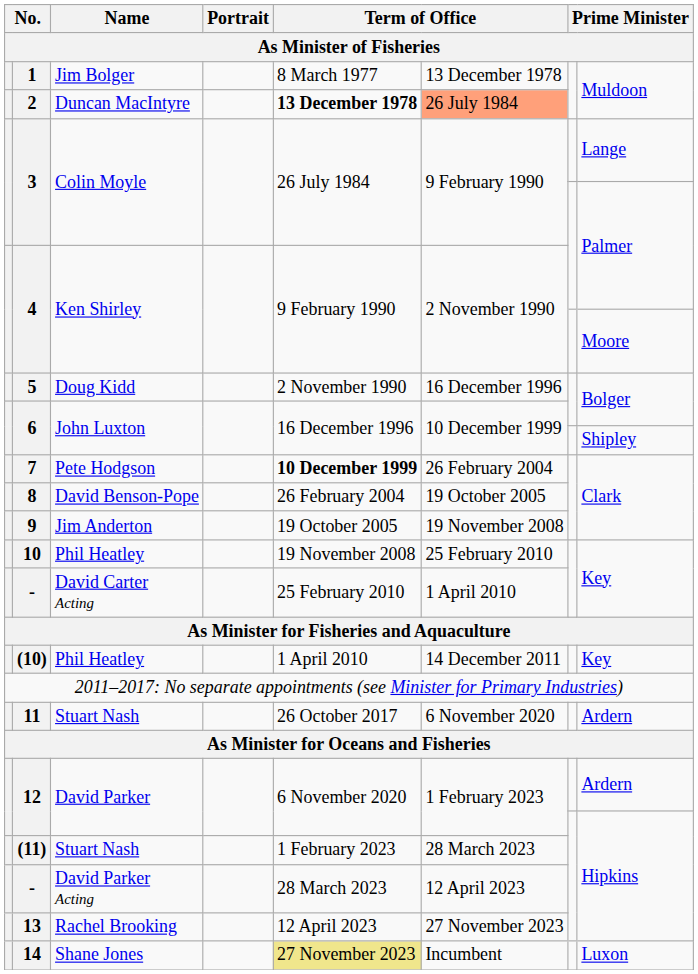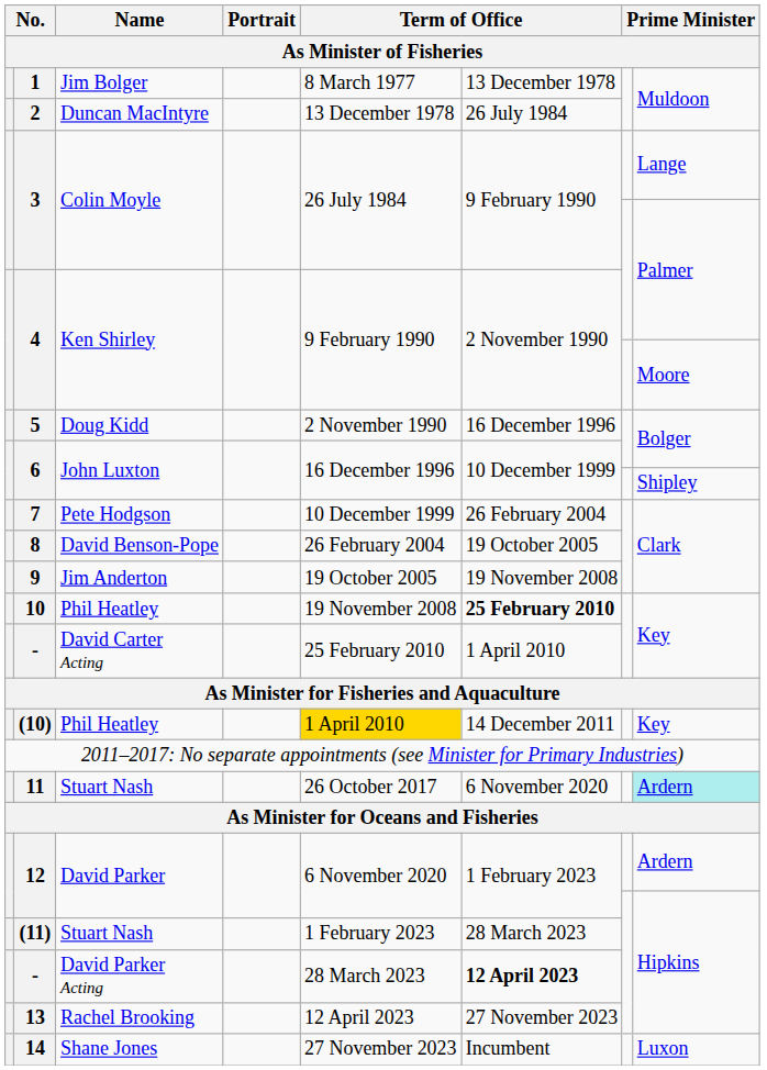 <table class="wikitable">
 <tr>
 <th colspan=2>No.</th>
 <th>Name</th>
 <th>Portrait</th>
 <th colspan=2>Term of Office</th>
 <th colspan=2>Prime Minister</th>
 </tr>
 <tr>
 <th colspan=8 align=center>As Minister of Fisheries</th>
 </tr>
 <tr>
 <th style="color:inherit;background:"></th>
 <th>1</th>
 <td><a href='#'>Jim Bolger</a></td>
 <td></td>
 <td>8 March 1977</td>
 <td>13 December 1978</td>
 <td width=1 rowspan=2 style="color:inherit;background:"></td>
 <td rowspan=2><a href='#'>Muldoon</a></td>
 </tr>
 <tr>
 <th style="color:inherit;background:"></th>
 <th>2</th>
 <td><a href='#'>Duncan MacIntyre</a></td>
 <td></td>
-<td><strong>13 December 1978</strong></td>
-<td style="background: lightsalmon;">26 July 1984</td>
+<td>13 December 1978</td>
+<td>26 July 1984</td>
 </tr>
 <tr>
 <th height=50 style="border-bottom:solid 0 grey; background:"></th>
 <th rowspan=2>3</th>
 <td rowspan=2><a href='#'>Colin Moyle</a></td>
 <td rowspan=2></td>
 <td rowspan=2>26 July 1984</td>
 <td rowspan=2>9 February 1990</td>
 <td style="color:inherit;background:"></td>
 <td><a href='#'>Lange</a></td>
 </tr>
 <tr>
 <th height=50 style="border-top:solid 0 grey; background:"></th>
 <td rowspan=2 style="border-bottom:solid 0 grey; background:"></td>
 <td rowspan=2><a href='#'>Palmer</a></td>
 </tr>
 <tr>
 <th height=50 style="border-bottom:solid 0 grey; background:"></th>
 <th rowspan=2>4</th>
 <td rowspan=2><a href='#'>Ken Shirley</a></td>
 <td rowspan=2></td>
 <td rowspan=2>9 February 1990</td>
 <td rowspan=2>2 November 1990</td>
 </tr>
 <tr>
 <th height=50 style="border-top:solid 0 grey; background:"></th>
 <td style="color:inherit;background:"></td>
 <td><a href='#'>Moore</a></td>
 </tr>
 <tr>
 <th style="color:inherit;background:"></th>
 <th>5</th>
 <td><a href='#'>Doug Kidd</a></td>
 <td></td>
 <td>2 November 1990</td>
 <td>16 December 1996</td>
 <td rowspan="2" style="color:inherit;background:"></td>
 <td rowspan="2"><a href='#'>Bolger</a></td>
 </tr>
 <tr>
 <th height=15 style="border-bottom:solid 0 grey; background:"></th>
 <th rowspan="2">6</th>
 <td rowspan="2"><a href='#'>John Luxton</a></td>
 <td rowspan="2"></td>
 <td rowspan="2">16 December 1996</td>
 <td rowspan="2">10 December 1999</td>
 </tr>
 <tr>
 <th height=15 style="border-top:solid 0 grey; background:"></th>
 <td style="color:inherit;background:"></td>
 <td><a href='#'>Shipley</a></td>
 </tr>
 <tr>
 <th style="color:inherit;background:"></th>
 <th>7</th>
 <td><a href='#'>Pete Hodgson</a></td>
 <td></td>
-<td><strong>10 December 1999</strong></td>
+<td>10 December 1999</td>
 <td>26 February 2004</td>
 <td rowspan=3 style="color:inherit;background:"></td>
 <td rowspan=3><a href='#'>Clark</a></td>
 </tr>
 <tr>
 <th style="color:inherit;background:"></th>
 <th>8</th>
 <td><a href='#'>David Benson-Pope</a></td>
 <td></td>
 <td>26 February 2004</td>
 <td>19 October 2005</td>
 </tr>
 <tr>
 <th style="color:inherit;background:"></th>
 <th>9</th>
 <td><a href='#'>Jim Anderton</a></td>
 <td></td>
 <td>19 October 2005</td>
 <td>19 November 2008</td>
 </tr>
 <tr>
 <th style="color:inherit;background:"></th>
 <th>10</th>
 <td><a href='#'>Phil Heatley</a></td>
 <td></td>
 <td>19 November 2008</td>
-<td>25 February 2010</td>
+<td><strong>25 February 2010</strong></td>
 <td rowspan="2" style="color:inherit;background:"></td>
 <td rowspan="2"><a href='#'>Key</a></td>
 </tr>
 <tr>
 <th style="color:inherit;background:"></th>
 <th>-</th>
 <td><a href='#'>David Carter</a><br><small><em>Acting</em></small></td>
 <td></td>
 <td>25 February 2010</td>
 <td>1 April 2010</td>
 </tr>
 <tr>
 <th colspan="8">As Minister for Fisheries and Aquaculture</th>
 </tr>
 <tr>
 <th style="color:inherit;background:"></th>
 <th>(10)</th>
 <td><a href='#'>Phil Heatley</a></td>
 <td></td>
-<td>1 April 2010</td>
+<td style="background: gold;">1 April 2010</td>
 <td>14 December 2011</td>
 <td style="color:inherit;background:"></td>
 <td><a href='#'>Key</a></td>
 </tr>
 <tr>
 <td colspan=8 align=center><em>2011–2017: No separate appointments (see <a href='#'>Minister for Primary Industries</a>)</em></td>
 </tr>
 <tr>
 <th style="color:inherit;background:"></th>
 <th>11</th>
 <td><a href='#'>Stuart Nash</a></td>
 <td></td>
 <td>26 October 2017</td>
 <td>6 November 2020</td>
 <td style="color:inherit;background:"></td>
-<td><a href='#'>Ardern</a></td>
+<td style="background: paleturquoise;"><a href='#'>Ardern</a></td>
 </tr>
 <tr>
 <th colspan=8 align=center>As Minister for Oceans and Fisheries</th>
 </tr>
 <tr>
 <th height=40 style="border-bottom:solid 0 grey; background:"></th>
 <th rowspan="2">12</th>
 <td rowspan="2"><a href='#'>David Parker</a></td>
 <td rowspan="2"></td>
 <td rowspan="2">6 November 2020</td>
 <td rowspan="2">1 February 2023</td>
 <td style="color:inherit;background:"></td>
 <td><a href='#'>Ardern</a></td>
 </tr>
 <tr>
 <th height=15 style="border-top:solid 0 grey; background:"></th>
 <td rowspan="4" style="border-bottom:solid 0 grey; background:"></td>
 <td rowspan="4"><a href='#'>Hipkins</a></td>
 </tr>
 <tr>
 <th style="border-bottom:solid 0 grey; background:"></th>
 <th>(11)</th>
 <td><a href='#'>Stuart Nash</a></td>
 <td></td>
 <td>1 February 2023</td>
 <td>28 March 2023</td>
 </tr>
 <tr>
 <th style="border-bottom:solid 0 grey; background:"></th>
 <th>-</th>
 <td><a href='#'>David Parker</a><br><small><em>Acting</em></small></td>
 <td></td>
 <td>28 March 2023</td>
-<td>12 April 2023</td>
+<td><strong>12 April 2023</strong></td>
 </tr>
 <tr>
 <th style="border-bottom:solid 0 grey; background:"></th>
 <th>13</th>
 <td><a href='#'>Rachel Brooking</a></td>
 <td></td>
 <td>12 April 2023</td>
 <td>27 November 2023</td>
 </tr>
 <tr>
 <th style="color:inherit;background:"></th>
 <th>14</th>
 <td><a href='#'>Shane Jones</a></td>
 <td></td>
-<td style="background: khaki;">27 November 2023</td>
+<td>27 November 2023</td>
 <td>Incumbent</td>
 <td style="color:inherit;background:"></td>
 <td><a href='#'>Luxon</a></td>
 </tr>
 </table>
